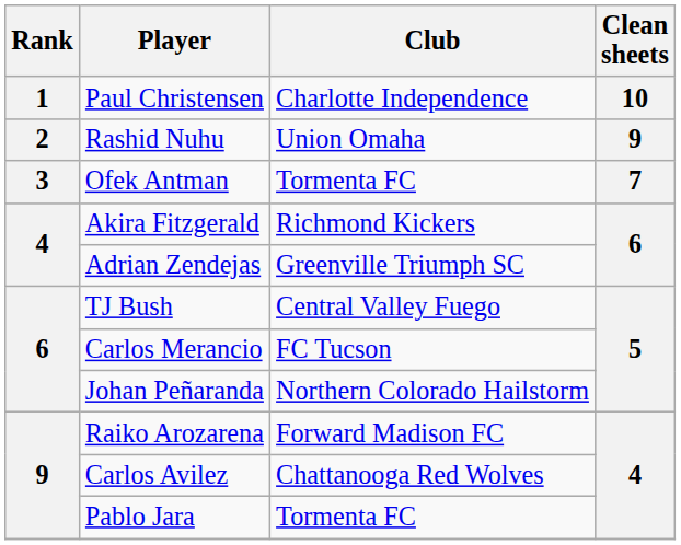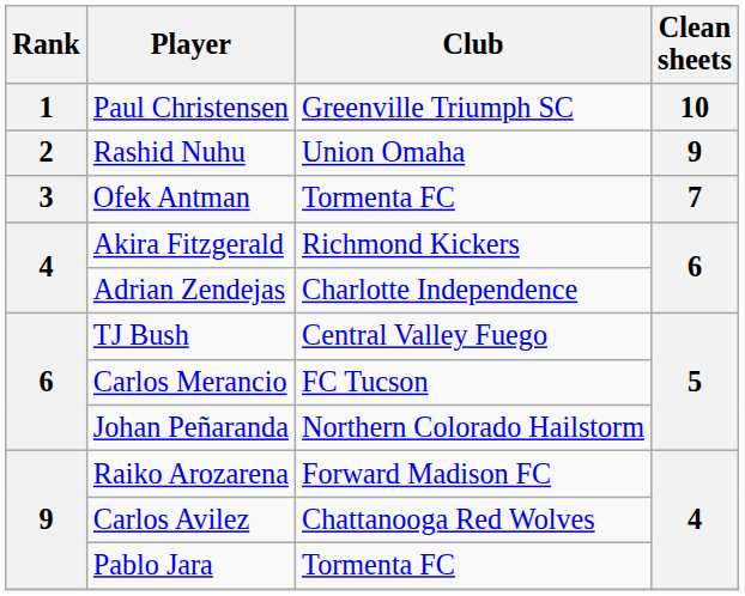 <table class="wikitable">
 <tr>
 <th>Rank</th>
 <th>Player</th>
 <th>Club</th>
 <th>Clean<br>sheets</th>
 </tr>
 <tr>
 <th>1</th>
 <td> <a href='#'>Paul Christensen</a></td>
-<td><a href='#'>Charlotte Independence</a></td>
+<td><a href='#'>Greenville Triumph SC</a></td>
 <th>10</th>
 </tr>
 <tr>
 <th>2</th>
 <td> <a href='#'>Rashid Nuhu</a></td>
 <td><a href='#'>Union Omaha</a></td>
 <th>9</th>
 </tr>
 <tr>
 <th>3</th>
 <td> <a href='#'>Ofek Antman</a></td>
 <td><a href='#'>Tormenta FC</a></td>
 <th>7</th>
 </tr>
 <tr>
 <th rowspan=2>4</th>
 <td> <a href='#'>Akira Fitzgerald</a></td>
 <td><a href='#'>Richmond Kickers</a></td>
 <th rowspan=2>6</th>
 </tr>
 <tr>
 <td> <a href='#'>Adrian Zendejas</a></td>
-<td><a href='#'>Greenville Triumph SC</a></td>
+<td><a href='#'>Charlotte Independence</a></td>
 </tr>
 <tr>
 <th rowspan=3>6</th>
 <td> <a href='#'>TJ Bush</a></td>
 <td><a href='#'>Central Valley Fuego</a></td>
 <th rowspan=3>5</th>
 </tr>
 <tr>
 <td> <a href='#'>Carlos Merancio</a></td>
 <td><a href='#'>FC Tucson</a></td>
 </tr>
 <tr>
 <td> <a href='#'>Johan Peñaranda</a></td>
 <td><a href='#'>Northern Colorado Hailstorm</a></td>
 </tr>
 <tr>
 <th rowspan=3>9</th>
 <td> <a href='#'>Raiko Arozarena</a></td>
 <td><a href='#'>Forward Madison FC</a></td>
 <th rowspan=3>4</th>
 </tr>
 <tr>
 <td> <a href='#'>Carlos Avilez</a></td>
 <td><a href='#'>Chattanooga Red Wolves</a></td>
 </tr>
 <tr>
 <td> <a href='#'>Pablo Jara</a></td>
 <td><a href='#'>Tormenta FC</a></td>
 </tr>
 <tr>
 </tr>
 </table>
